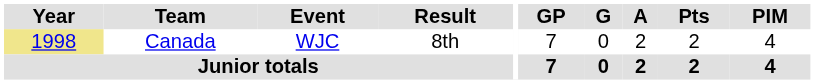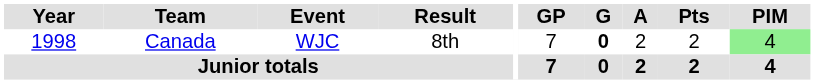 <table border="0" cellpadding="1" cellspacing="0" ID="Table3" style="text-align:center; width:40em">
 <tr ALIGN="center" bgcolor="#e0e0e0">
 <th>Year</th>
 <th>Team</th>
 <th>Event</th>
 <th>Result</th>
 <th rowspan="99" bgcolor="#ffffff"></th>
 <th>GP</th>
 <th>G</th>
 <th>A</th>
 <th>Pts</th>
 <th>PIM</th>
 </tr>
 <tr ALIGN="center">
-<td style="background: khaki;"><a href='#'>1998</a></td>
+<td><a href='#'>1998</a></td>
 <td><a href='#'>Canada</a></td>
 <td><a href='#'>WJC</a></td>
 <td>8th</td>
 <td>7</td>
-<td>0</td>
+<td><strong>0</strong></td>
 <td>2</td>
 <td>2</td>
-<td>4</td>
+<td style="background: lightgreen;">4</td>
 </tr>
 <tr bgcolor="#e0e0e0">
 <th colspan="4">Junior totals</th>
 <th>7</th>
 <th>0</th>
 <th>2</th>
 <th>2</th>
 <th>4</th>
 </tr>
 </table>
